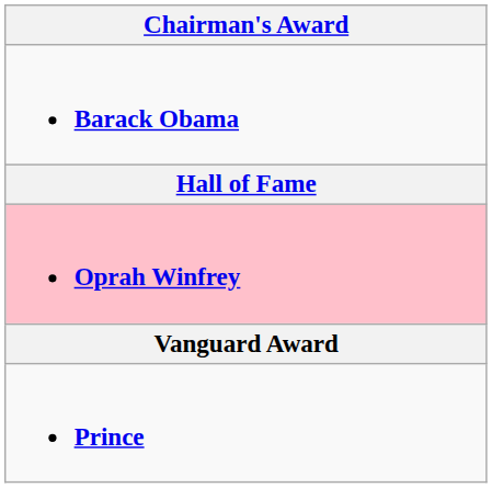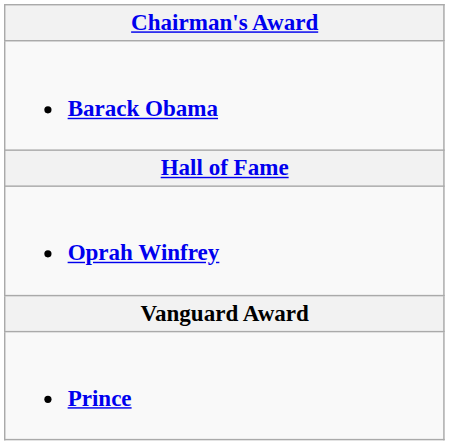 <table class="wikitable">
 <tr>
 <th style="width=50%"><a href='#'>Chairman's Award</a></th>
 </tr>
 <tr>
 <td valign="top" width="50%"><br><ul><li><strong><a href='#'>Barack Obama</a></strong></li></ul></td>
 </tr>
 <tr>
 <th style="width=50%"><a href='#'>Hall of Fame</a></th>
 </tr>
 <tr>
-<td valign="top" width="50%" style="background: pink;"><br><ul><li><strong><a href='#'>Oprah Winfrey</a></strong></li></ul></td>
+<td valign="top" width="50%"><br><ul><li><strong><a href='#'>Oprah Winfrey</a></strong></li></ul></td>
 </tr>
 <tr>
 <th style="width=50%">Vanguard Award</th>
 </tr>
 <tr>
 <td valign="top" width="50%"><br><ul><li><a href='#'><strong>Prince</strong></a></li></ul></td>
 </tr>
 </table>
